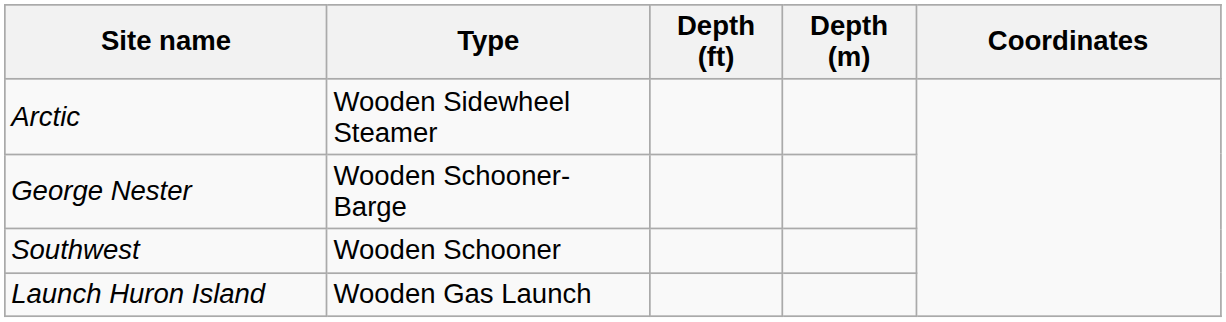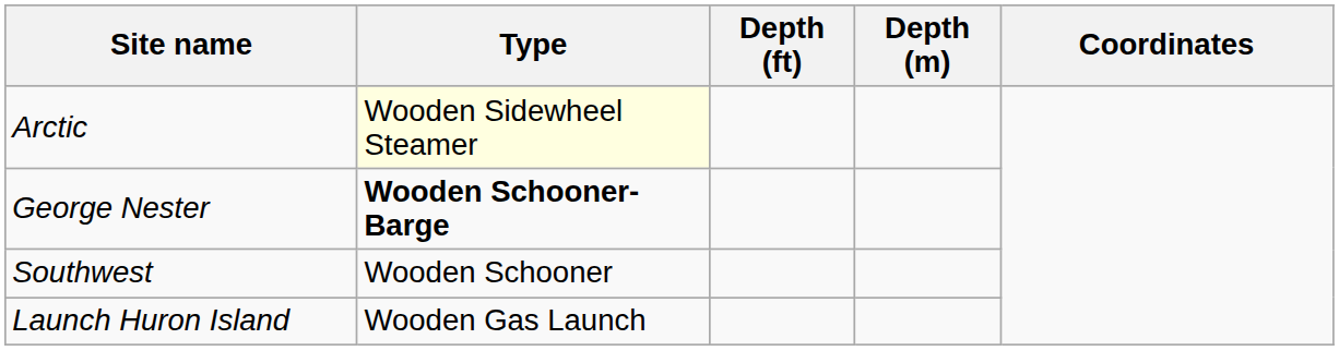 <table class="wikitable">
 <tr>
 <th scope="col" width="180">Site name</th>
 <th scope="col" width="180">Type</th>
 <th scope="col" width="70">Depth (ft)</th>
 <th scope="col" width="70">Depth (m)</th>
 <th scope="col" width="170">Coordinates</th>
 </tr>
 <tr>
 <td><em>Arctic</em></td>
-<td>Wooden Sidewheel Steamer</td>
+<td style="background: lightyellow;">Wooden Sidewheel Steamer</td>
 <td></td>
 <td></td>
 </tr>
 <tr>
 <td><em>George Nester</em></td>
-<td>Wooden Schooner-Barge</td>
+<td><strong>Wooden Schooner-Barge</strong></td>
 <td></td>
 <td></td>
 </tr>
 <tr>
 <td><em>Southwest</em></td>
 <td>Wooden Schooner</td>
 <td></td>
 <td></td>
 </tr>
 <tr>
 <td><em>Launch Huron Island</em></td>
 <td>Wooden Gas Launch</td>
 <td></td>
 <td></td>
 </tr>
 </table>
